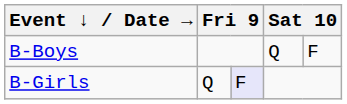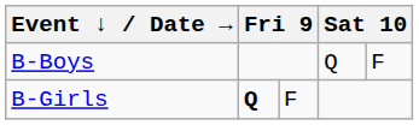 <table class="wikitable olympic-schedule breaking">
 <tr>
 <th>Event ↓ / Date →</th>
 <th colspan=2>Fri 9</th>
 <th colspan=2>Sat 10</th>
 </tr>
 <tr>
 <td class="event"><a href='#'>B-Boys</a></td>
 <td colspan=2></td>
 <td class="qualifiers">Q</td>
 <td class="final">F</td>
 </tr>
 <tr>
 <td class="event"><a href='#'>B-Girls</a></td>
-<td class="qualifiers">Q</td>
-<td class="final" style="background: lavender;">F</td>
+<td class="qualifiers"><strong>Q</strong></td>
+<td class="final">F</td>
 <td colspan=2></td>
 </tr>
 </table>
